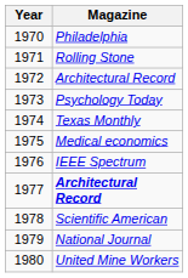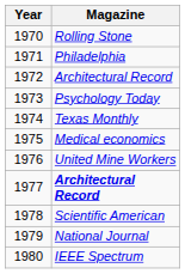 <table class="sortable wikitable plainrowheaders">
 <tr>
 <th scope="col" style="width:50px;">Year</th>
 <th scope="col" style="width:150px;">Magazine</th>
 </tr>
 <tr>
 <td align="center">1970</td>
-<td><em><a href='#'>Philadelphia</a></em></td>
+<td><em><a href='#'>Rolling Stone</a></em></td>
 </tr>
 <tr>
 <td align="center">1971</td>
-<td><em><a href='#'>Rolling Stone</a></em></td>
+<td><em><a href='#'>Philadelphia</a></em></td>
 </tr>
 <tr>
 <td align="center">1972</td>
 <td><em><a href='#'>Architectural Record</a></em></td>
 </tr>
 <tr>
 <td align="center">1973</td>
 <td><em><a href='#'>Psychology Today</a></em></td>
 </tr>
 <tr>
 <td align="center">1974</td>
 <td><em><a href='#'>Texas Monthly</a></em></td>
 </tr>
 <tr>
 <td align="center">1975</td>
 <td><em><a href='#'>Medical economics</a></em></td>
 </tr>
 <tr>
 <td align="center">1976</td>
-<td><em><a href='#'>IEEE Spectrum</a></em></td>
+<td><em><a href='#'>United Mine Workers</a></em></td>
 </tr>
 <tr>
 <td align="center">1977</td>
 <td><strong><em><a href='#'>Architectural Record</a></em></strong></td>
 </tr>
 <tr>
 <td align="center">1978</td>
 <td><em><a href='#'>Scientific American</a></em></td>
 </tr>
 <tr>
 <td align="center">1979</td>
 <td><em><a href='#'>National Journal</a></em></td>
 </tr>
 <tr>
 <td align="center">1980</td>
-<td><em><a href='#'>United Mine Workers</a></em></td>
+<td><em><a href='#'>IEEE Spectrum</a></em></td>
 </tr>
 </table>
